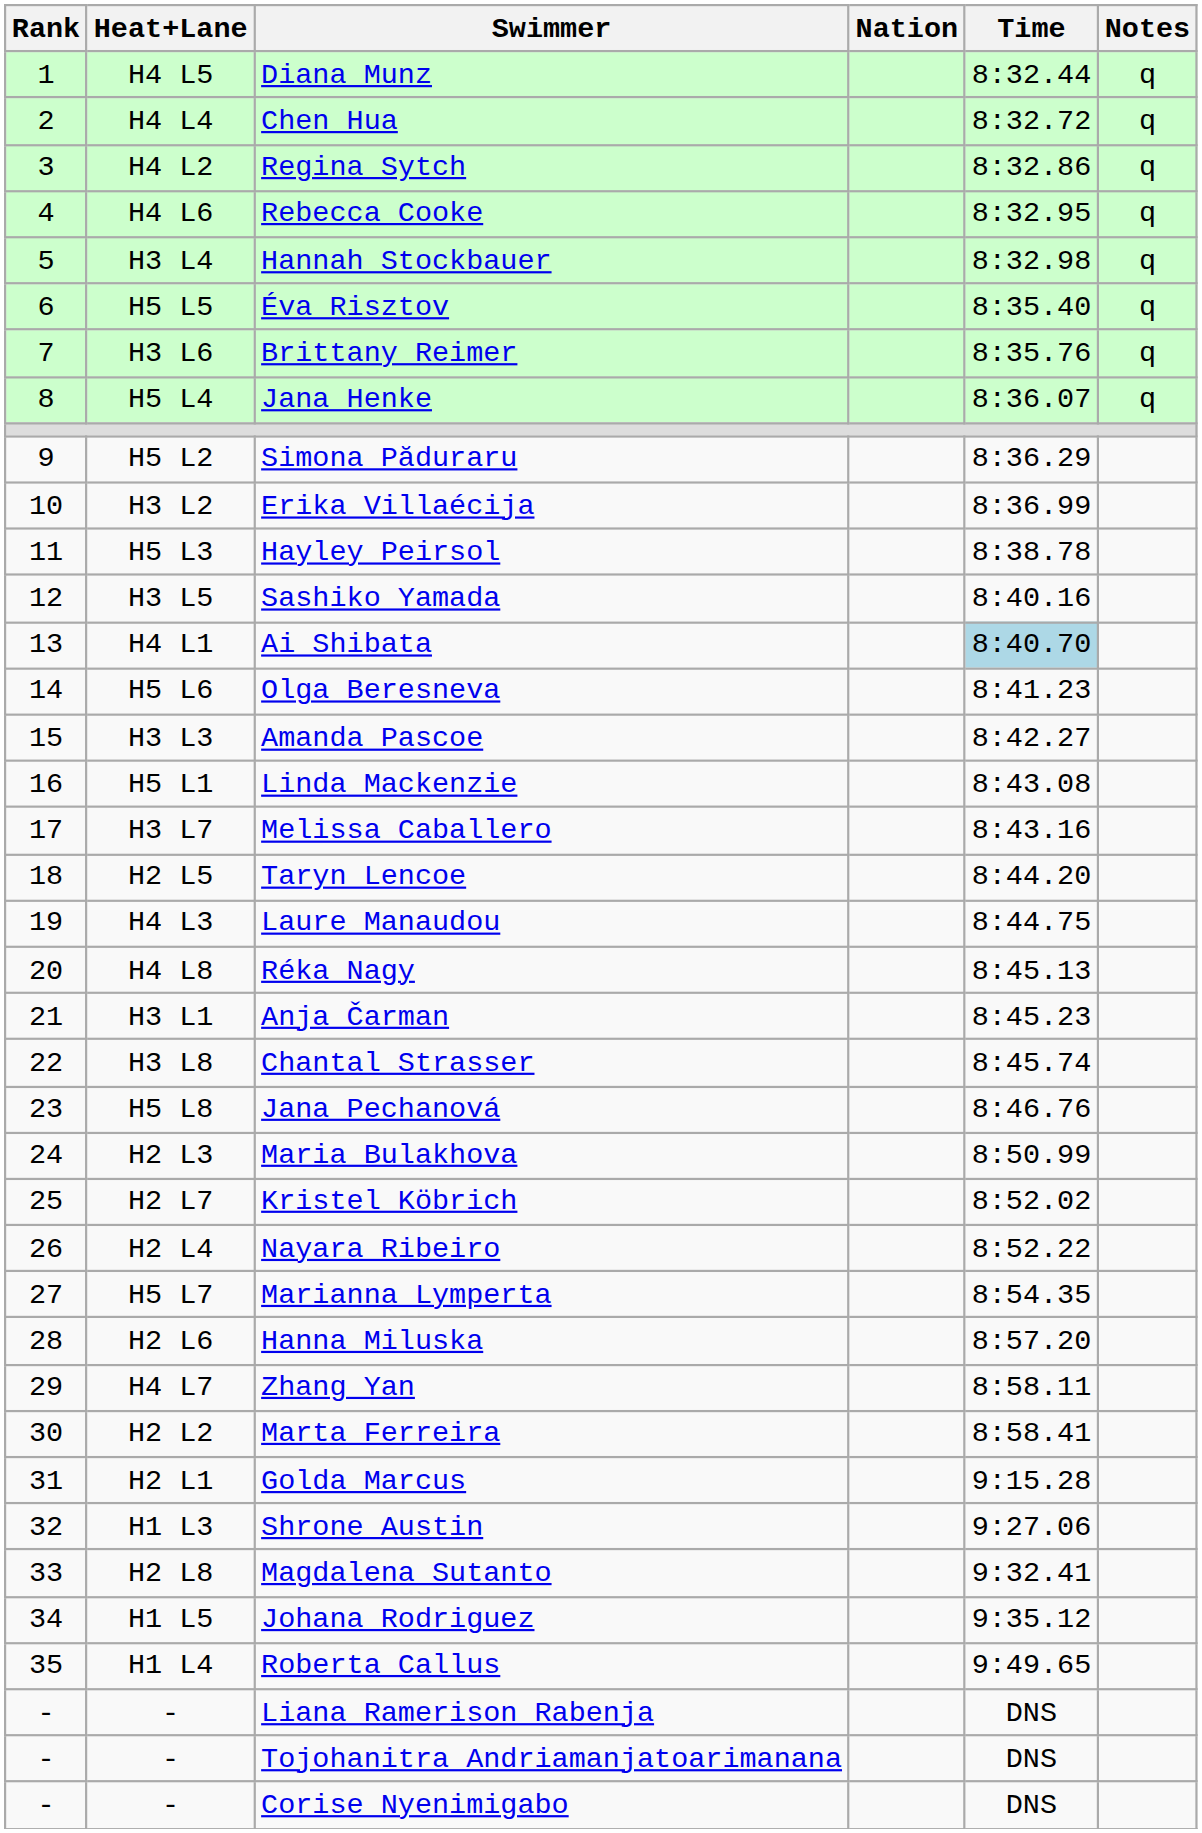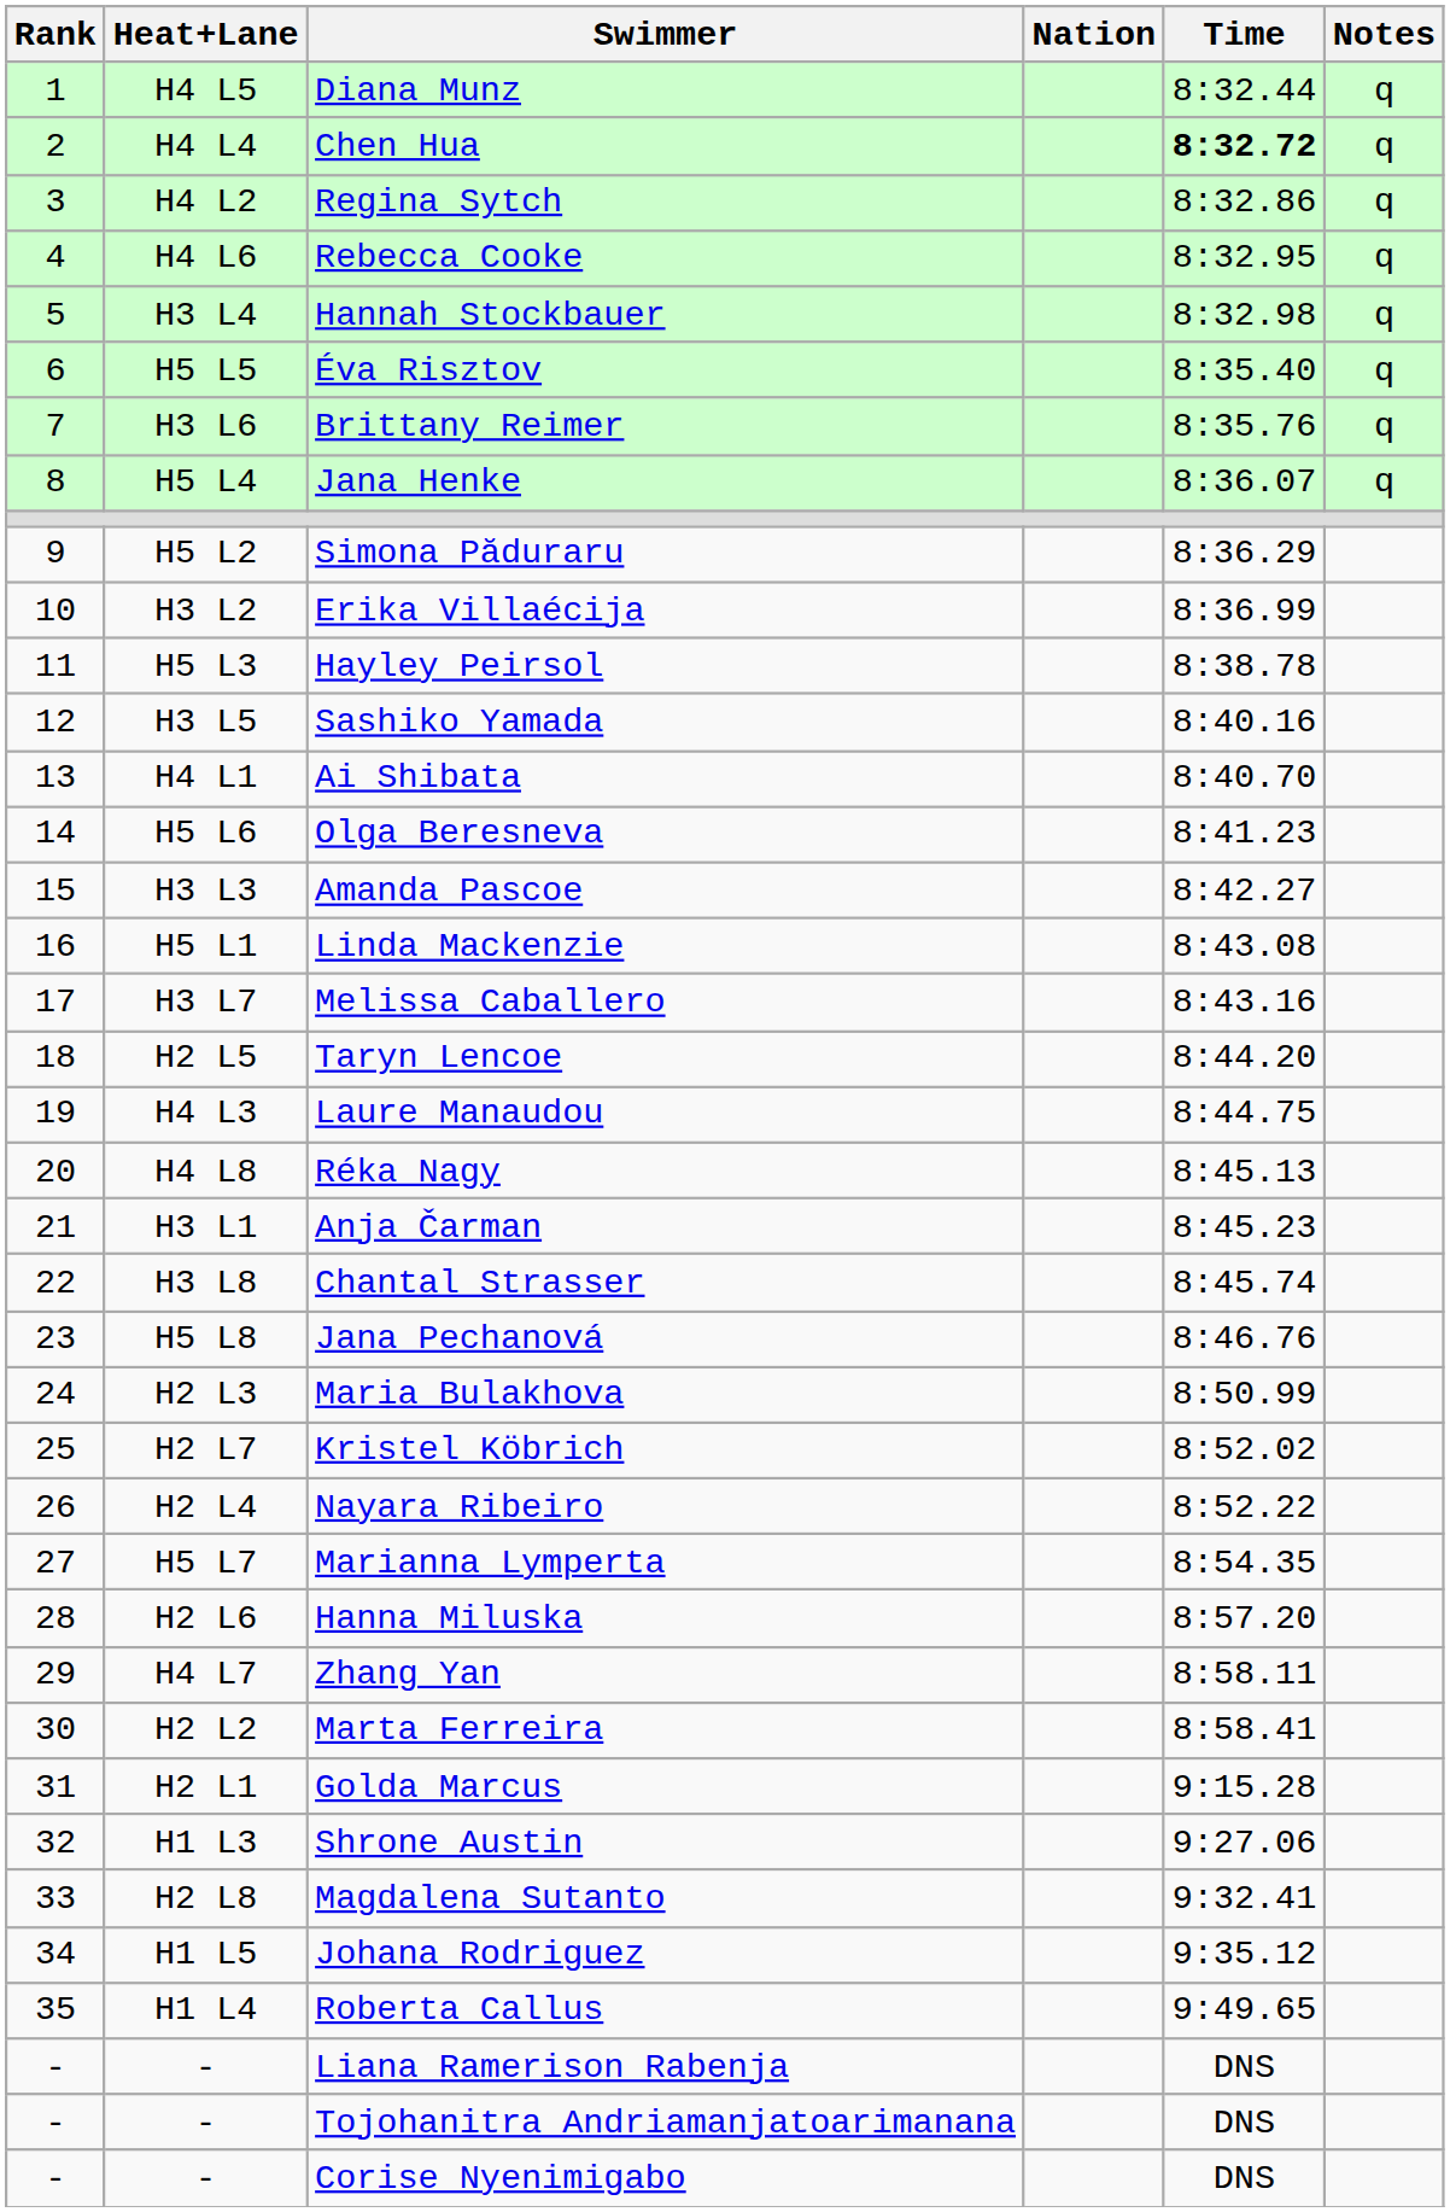 <table class="wikitable sortable" style="text-align:center">
 <tr>
 <th>Rank</th>
 <th>Heat+Lane</th>
 <th>Swimmer</th>
 <th>Nation</th>
 <th>Time</th>
 <th>Notes</th>
 </tr>
 <tr bgcolor=ccffcc>
 <td>1</td>
 <td>H4 L5</td>
 <td align=left><a href='#'>Diana Munz</a></td>
 <td align=left></td>
 <td>8:32.44</td>
 <td>q</td>
 </tr>
 <tr bgcolor=ccffcc>
 <td>2</td>
 <td>H4 L4</td>
 <td align=left><a href='#'>Chen Hua</a></td>
 <td align=left></td>
-<td>8:32.72</td>
+<td><strong>8:32.72</strong></td>
 <td>q</td>
 </tr>
 <tr bgcolor=ccffcc>
 <td>3</td>
 <td>H4 L2</td>
 <td align=left><a href='#'>Regina Sytch</a></td>
 <td align=left></td>
 <td>8:32.86</td>
 <td>q</td>
 </tr>
 <tr bgcolor=ccffcc>
 <td>4</td>
 <td>H4 L6</td>
 <td align=left><a href='#'>Rebecca Cooke</a></td>
 <td align=left></td>
 <td>8:32.95</td>
 <td>q</td>
 </tr>
 <tr bgcolor=ccffcc>
 <td>5</td>
 <td>H3 L4</td>
 <td align=left><a href='#'>Hannah Stockbauer</a></td>
 <td align=left></td>
 <td>8:32.98</td>
 <td>q</td>
 </tr>
 <tr bgcolor=ccffcc>
 <td>6</td>
 <td>H5 L5</td>
 <td align=left><a href='#'>Éva Risztov</a></td>
 <td align=left></td>
 <td>8:35.40</td>
 <td>q</td>
 </tr>
 <tr bgcolor=ccffcc>
 <td>7</td>
 <td>H3 L6</td>
 <td align=left><a href='#'>Brittany Reimer</a></td>
 <td align=left></td>
 <td>8:35.76</td>
 <td>q</td>
 </tr>
 <tr bgcolor=ccffcc>
 <td>8</td>
 <td>H5 L4</td>
 <td align=left><a href='#'>Jana Henke</a></td>
 <td align=left></td>
 <td>8:36.07</td>
 <td>q</td>
 </tr>
 <tr bgcolor=#DDDDDD>
 <td colspan=6></td>
 </tr>
 <tr>
 <td>9</td>
 <td>H5 L2</td>
 <td align=left><a href='#'>Simona Păduraru</a></td>
 <td align=left></td>
 <td>8:36.29</td>
 <td></td>
 </tr>
 <tr>
 <td>10</td>
 <td>H3 L2</td>
 <td align=left><a href='#'>Erika Villaécija</a></td>
 <td align=left></td>
 <td>8:36.99</td>
 <td></td>
 </tr>
 <tr>
 <td>11</td>
 <td>H5 L3</td>
 <td align=left><a href='#'>Hayley Peirsol</a></td>
 <td align=left></td>
 <td>8:38.78</td>
 <td></td>
 </tr>
 <tr>
 <td>12</td>
 <td>H3 L5</td>
 <td align=left><a href='#'>Sashiko Yamada</a></td>
 <td align=left></td>
 <td>8:40.16</td>
 <td></td>
 </tr>
 <tr>
 <td>13</td>
 <td>H4 L1</td>
 <td align=left><a href='#'>Ai Shibata</a></td>
 <td align=left></td>
-<td style="background: lightblue;">8:40.70</td>
+<td>8:40.70</td>
 <td></td>
 </tr>
 <tr>
 <td>14</td>
 <td>H5 L6</td>
 <td align=left><a href='#'>Olga Beresneva</a></td>
 <td align=left></td>
 <td>8:41.23</td>
 <td></td>
 </tr>
 <tr>
 <td>15</td>
 <td>H3 L3</td>
 <td align=left><a href='#'>Amanda Pascoe</a></td>
 <td align=left></td>
 <td>8:42.27</td>
 <td></td>
 </tr>
 <tr>
 <td>16</td>
 <td>H5 L1</td>
 <td align=left><a href='#'>Linda Mackenzie</a></td>
 <td align=left></td>
 <td>8:43.08</td>
 <td></td>
 </tr>
 <tr>
 <td>17</td>
 <td>H3 L7</td>
 <td align=left><a href='#'>Melissa Caballero</a></td>
 <td align=left></td>
 <td>8:43.16</td>
 <td></td>
 </tr>
 <tr>
 <td>18</td>
 <td>H2 L5</td>
 <td align=left><a href='#'>Taryn Lencoe</a></td>
 <td align=left></td>
 <td>8:44.20</td>
 <td></td>
 </tr>
 <tr>
 <td>19</td>
 <td>H4 L3</td>
 <td align=left><a href='#'>Laure Manaudou</a></td>
 <td align=left></td>
 <td>8:44.75</td>
 <td></td>
 </tr>
 <tr>
 <td>20</td>
 <td>H4 L8</td>
 <td align=left><a href='#'>Réka Nagy</a></td>
 <td align=left></td>
 <td>8:45.13</td>
 <td></td>
 </tr>
 <tr>
 <td>21</td>
 <td>H3 L1</td>
 <td align=left><a href='#'>Anja Čarman</a></td>
 <td align=left></td>
 <td>8:45.23</td>
 <td></td>
 </tr>
 <tr>
 <td>22</td>
 <td>H3 L8</td>
 <td align=left><a href='#'>Chantal Strasser</a></td>
 <td align=left></td>
 <td>8:45.74</td>
 <td></td>
 </tr>
 <tr>
 <td>23</td>
 <td>H5 L8</td>
 <td align=left><a href='#'>Jana Pechanová</a></td>
 <td align=left></td>
 <td>8:46.76</td>
 <td></td>
 </tr>
 <tr>
 <td>24</td>
 <td>H2 L3</td>
 <td align=left><a href='#'>Maria Bulakhova</a></td>
 <td align=left></td>
 <td>8:50.99</td>
 <td></td>
 </tr>
 <tr>
 <td>25</td>
 <td>H2 L7</td>
 <td align=left><a href='#'>Kristel Köbrich</a></td>
 <td align=left></td>
 <td>8:52.02</td>
 <td></td>
 </tr>
 <tr>
 <td>26</td>
 <td>H2 L4</td>
 <td align=left><a href='#'>Nayara Ribeiro</a></td>
 <td align=left></td>
 <td>8:52.22</td>
 <td></td>
 </tr>
 <tr>
 <td>27</td>
 <td>H5 L7</td>
 <td align=left><a href='#'>Marianna Lymperta</a></td>
 <td align=left></td>
 <td>8:54.35</td>
 <td></td>
 </tr>
 <tr>
 <td>28</td>
 <td>H2 L6</td>
 <td align=left><a href='#'>Hanna Miluska</a></td>
 <td align=left></td>
 <td>8:57.20</td>
 <td></td>
 </tr>
 <tr>
 <td>29</td>
 <td>H4 L7</td>
 <td align=left><a href='#'>Zhang Yan</a></td>
 <td align=left></td>
 <td>8:58.11</td>
 <td></td>
 </tr>
 <tr>
 <td>30</td>
 <td>H2 L2</td>
 <td align=left><a href='#'>Marta Ferreira</a></td>
 <td align=left></td>
 <td>8:58.41</td>
 <td></td>
 </tr>
 <tr>
 <td>31</td>
 <td>H2 L1</td>
 <td align=left><a href='#'>Golda Marcus</a></td>
 <td align=left></td>
 <td>9:15.28</td>
 <td></td>
 </tr>
 <tr>
 <td>32</td>
 <td>H1 L3</td>
 <td align=left><a href='#'>Shrone Austin</a></td>
 <td align=left></td>
 <td>9:27.06</td>
 <td></td>
 </tr>
 <tr>
 <td>33</td>
 <td>H2 L8</td>
 <td align=left><a href='#'>Magdalena Sutanto</a></td>
 <td align=left></td>
 <td>9:32.41</td>
 <td></td>
 </tr>
 <tr>
 <td>34</td>
 <td>H1 L5</td>
 <td align=left><a href='#'>Johana Rodriguez</a></td>
 <td align=left></td>
 <td>9:35.12</td>
 <td></td>
 </tr>
 <tr>
 <td>35</td>
 <td>H1 L4</td>
 <td align=left><a href='#'>Roberta Callus</a></td>
 <td align=left></td>
 <td>9:49.65</td>
 <td></td>
 </tr>
 <tr>
 <td>-</td>
 <td>-</td>
 <td align=left><a href='#'>Liana Ramerison Rabenja</a></td>
 <td align=left></td>
 <td>DNS</td>
 <td></td>
 </tr>
 <tr>
 <td>-</td>
 <td>-</td>
 <td align=left><a href='#'>Tojohanitra Andriamanjatoarimanana</a></td>
 <td align=left></td>
 <td>DNS</td>
 <td></td>
 </tr>
 <tr>
 <td>-</td>
 <td>-</td>
 <td align=left><a href='#'>Corise Nyenimigabo</a></td>
 <td align=left></td>
 <td>DNS</td>
 <td></td>
 </tr>
 <tr>
 </tr>
 </table>
